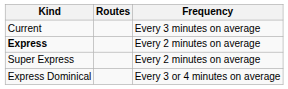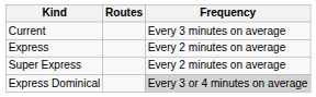 <table class="wikitable" style="margin-left: auto; margin-right: auto; border: none;">
 <tr>
 <th>Kind</th>
 <th>Routes</th>
 <th>Frequency</th>
 </tr>
 <tr>
 <td>Current</td>
 <td></td>
 <td>Every 3 minutes on average</td>
 </tr>
 <tr>
-<td><strong>Express</strong></td>
+<td>Express</td>
 <td>  </td>
 <td>Every 2 minutes on average</td>
 </tr>
 <tr>
 <td>Super Express</td>
 <td></td>
 <td>Every 2 minutes on average</td>
 </tr>
 <tr>
 <td>Express Dominical</td>
 <td> </td>
-<td>Every 3 or 4 minutes on average</td>
+<td style="background: lightgrey;">Every 3 or 4 minutes on average</td>
 </tr>
 </table>
